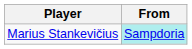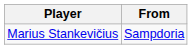 <table class="wikitable">
 <tr>
 <th>Player</th>
 <th>From</th>
 </tr>
 <tr>
 <td> <a href='#'>Marius Stankevičius</a></td>
-<td style="background: paleturquoise;"> <a href='#'>Sampdoria</a></td>
+<td> <a href='#'>Sampdoria</a></td>
 </tr>
 </table>
